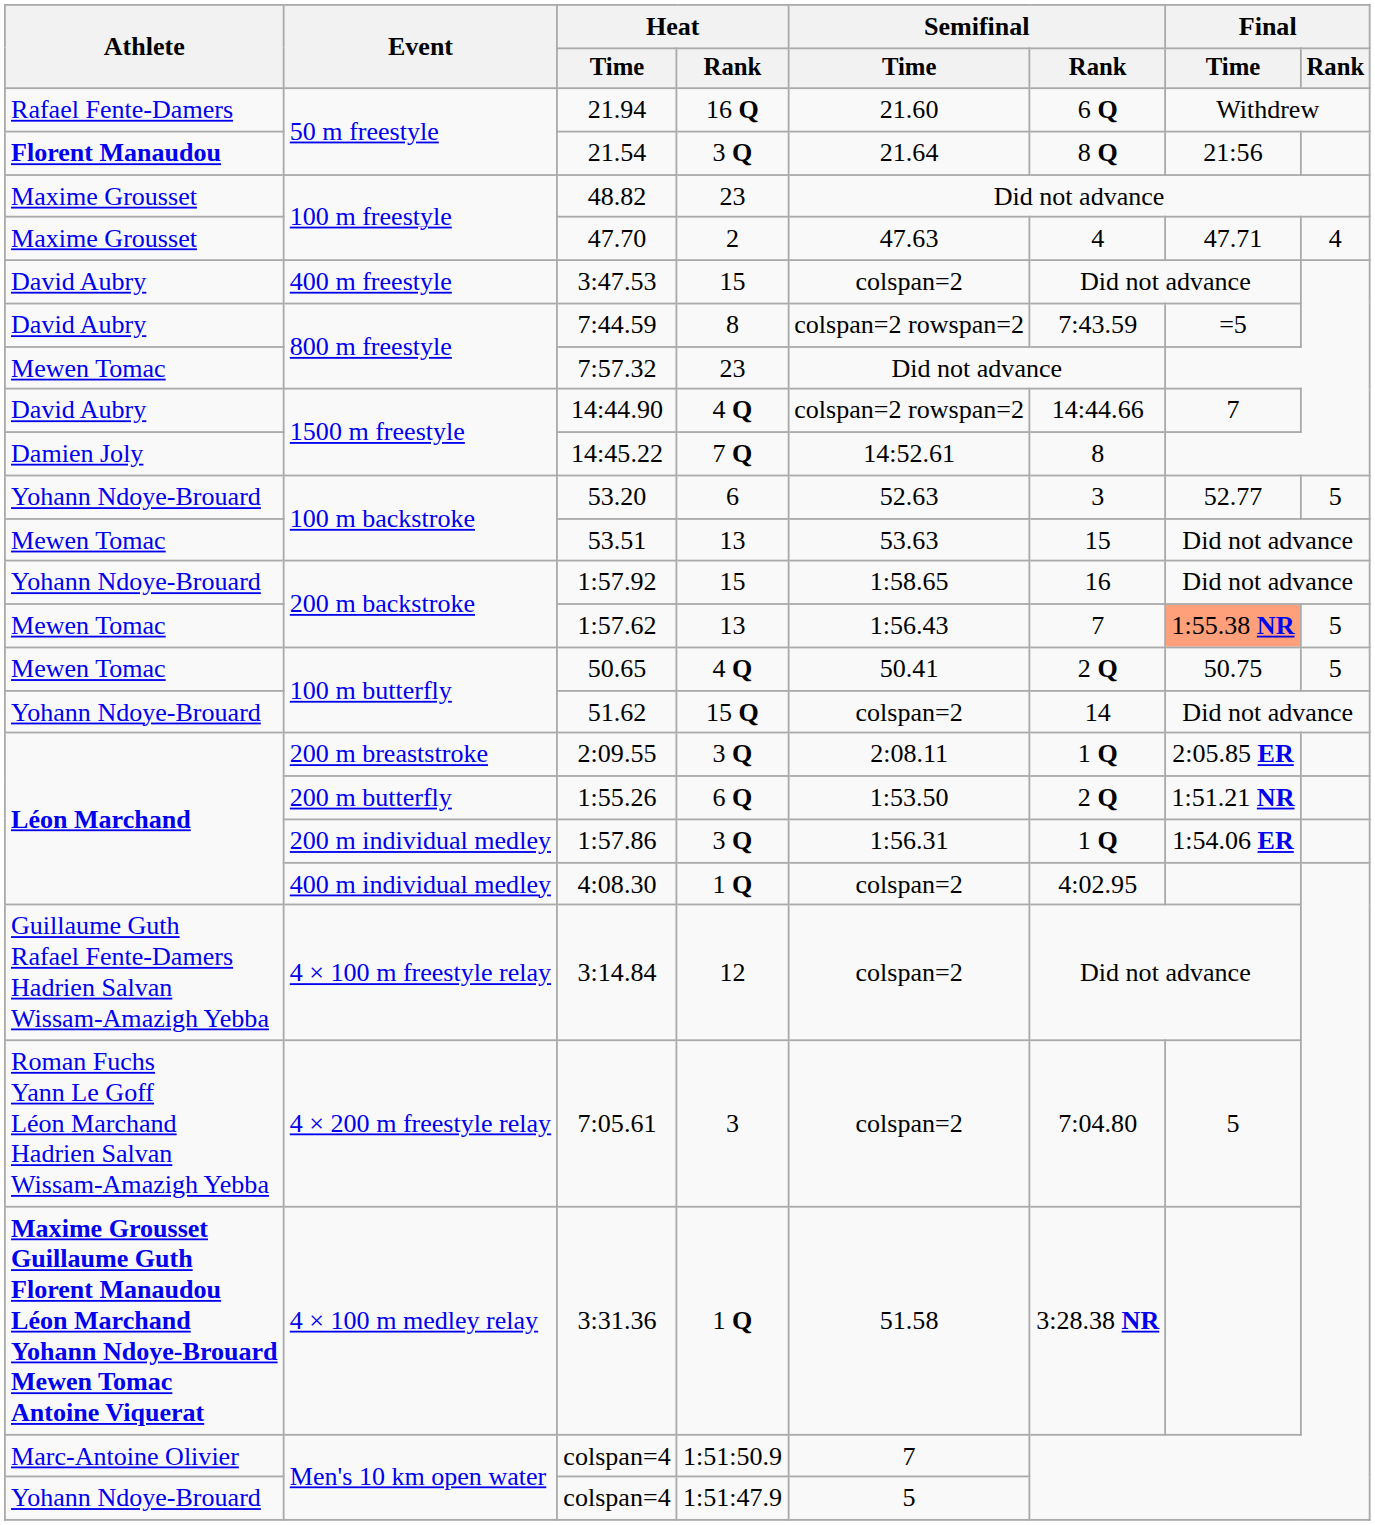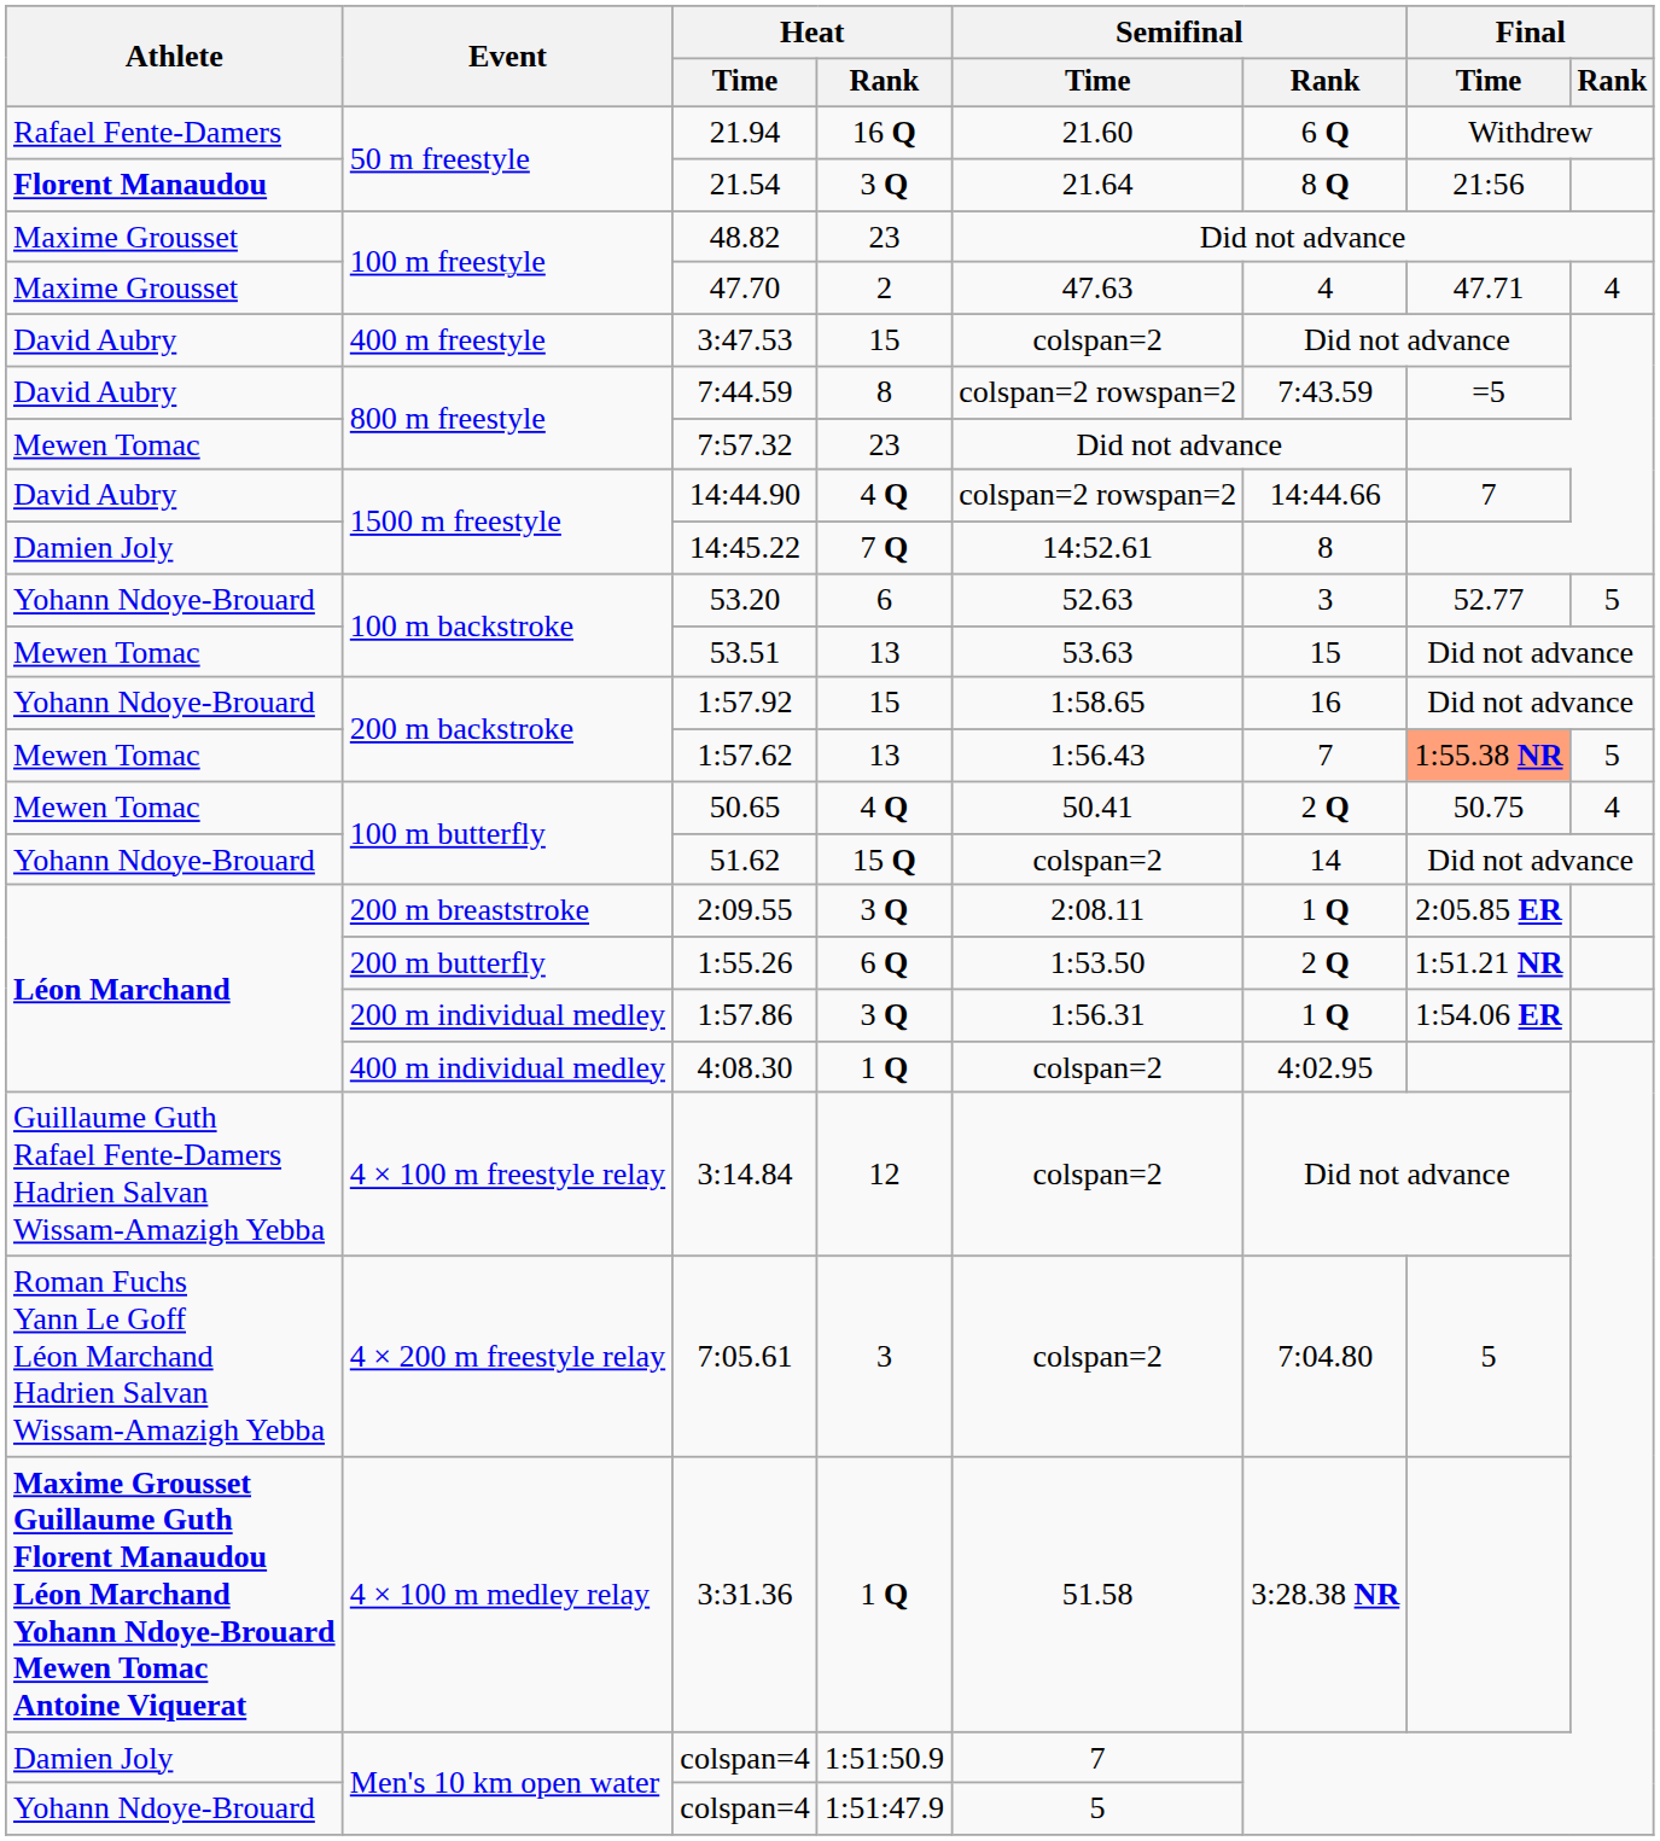 <table class=wikitable style="font-size:90%;">
 <tr>
 <th rowspan=2>Athlete</th>
 <th rowspan=2>Event</th>
 <th colspan=2>Heat</th>
 <th colspan=2>Semifinal</th>
 <th colspan=2>Final</th>
 </tr>
 <tr style="font-size:95%">
 <th>Time</th>
 <th>Rank</th>
 <th>Time</th>
 <th>Rank</th>
 <th>Time</th>
 <th>Rank</th>
 </tr>
 <tr align=center>
 <td align=left><a href='#'>Rafael Fente-Damers</a></td>
 <td align=left rowspan=2><a href='#'>50 m freestyle</a></td>
 <td>21.94</td>
 <td>16 <strong>Q</strong></td>
 <td>21.60</td>
 <td>6 <strong>Q</strong></td>
 <td colspan="2">Withdrew</td>
 </tr>
 <tr align=center>
 <td align=left><strong><a href='#'>Florent Manaudou</a></strong></td>
 <td>21.54</td>
 <td>3 <strong>Q</strong></td>
 <td>21.64</td>
 <td>8 <strong>Q</strong></td>
 <td>21:56</td>
 <td></td>
 </tr>
 <tr align=center>
 <td align=left><a href='#'>Maxime Grousset</a></td>
 <td align=left rowspan=2><a href='#'>100 m freestyle</a></td>
 <td>48.82</td>
 <td>23</td>
 <td colspan="4">Did not advance</td>
 </tr>
 <tr align=center>
 <td align=left><a href='#'>Maxime Grousset</a></td>
 <td>47.70</td>
 <td>2</td>
 <td>47.63</td>
 <td>4</td>
 <td>47.71</td>
 <td>4</td>
 </tr>
 <tr align=center>
 <td align=left><a href='#'>David Aubry</a></td>
 <td align=left><a href='#'>400 m freestyle</a></td>
 <td>3:47.53</td>
 <td>15</td>
 <td>colspan=2 </td>
 <td colspan=2>Did not advance</td>
 </tr>
 <tr align=center>
 <td align=left><a href='#'>David Aubry</a></td>
 <td align=left rowspan=2><a href='#'>800 m freestyle</a></td>
 <td>7:44.59</td>
 <td>8</td>
 <td>colspan=2 rowspan=2 </td>
 <td>7:43.59</td>
 <td>=5</td>
 </tr>
 <tr align=center>
 <td align=left><a href='#'>Mewen Tomac</a></td>
 <td>7:57.32</td>
 <td>23</td>
 <td colspan="2">Did not advance</td>
 </tr>
 <tr align=center>
 <td align=left><a href='#'>David Aubry</a></td>
 <td align=left rowspan=2><a href='#'>1500 m freestyle</a></td>
 <td>14:44.90</td>
 <td>4 <strong>Q</strong></td>
 <td>colspan=2 rowspan=2 </td>
 <td>14:44.66</td>
 <td>7</td>
 </tr>
 <tr align=center>
 <td align=left><a href='#'>Damien Joly</a></td>
 <td>14:45.22</td>
 <td>7 <strong>Q</strong></td>
 <td>14:52.61</td>
 <td>8</td>
 </tr>
 <tr align=center>
 <td align=left><a href='#'>Yohann Ndoye-Brouard</a></td>
 <td align=left rowspan=2><a href='#'>100 m backstroke</a></td>
 <td>53.20</td>
 <td>6</td>
 <td>52.63</td>
 <td>3</td>
 <td>52.77</td>
 <td>5</td>
 </tr>
 <tr align=center>
 <td align=left><a href='#'>Mewen Tomac</a></td>
 <td>53.51</td>
 <td>13</td>
 <td>53.63</td>
 <td>15</td>
 <td colspan="2">Did not advance</td>
 </tr>
 <tr align=center>
 <td align=left><a href='#'>Yohann Ndoye-Brouard</a></td>
 <td align=left rowspan=2><a href='#'>200 m backstroke</a></td>
 <td>1:57.92</td>
 <td>15</td>
 <td>1:58.65</td>
 <td>16</td>
 <td colspan="2">Did not advance</td>
 </tr>
 <tr align=center>
 <td align=left><a href='#'>Mewen Tomac</a></td>
 <td>1:57.62</td>
 <td>13</td>
 <td>1:56.43</td>
 <td>7</td>
 <td style="background: lightsalmon;">1:55.38 <strong><a href='#'>NR</a></strong></td>
 <td>5</td>
 </tr>
 <tr align=center>
 <td align=left><a href='#'>Mewen Tomac</a></td>
 <td align=left rowspan=2><a href='#'>100 m butterfly</a></td>
 <td>50.65</td>
 <td>4 <strong>Q</strong></td>
 <td>50.41</td>
 <td>2 <strong>Q</strong></td>
 <td>50.75</td>
-<td>5</td>
+<td>4</td>
 </tr>
 <tr align=center>
 <td align=left><a href='#'>Yohann Ndoye-Brouard</a></td>
 <td>51.62</td>
 <td>15 <strong>Q</strong></td>
 <td>colspan=2 </td>
 <td>14</td>
 <td colspan="2">Did not advance</td>
 </tr>
 <tr align=center>
 <td align=left rowspan=4><strong><a href='#'>Léon Marchand</a></strong></td>
 <td align=left><a href='#'>200 m breaststroke</a></td>
 <td>2:09.55</td>
 <td>3 <strong>Q</strong></td>
 <td>2:08.11</td>
 <td>1 <strong>Q</strong></td>
 <td>2:05.85  <strong><a href='#'>ER</a></strong></td>
 <td></td>
 </tr>
 <tr align=center>
 <td align=left><a href='#'>200 m butterfly</a></td>
 <td>1:55.26</td>
 <td>6 <strong>Q</strong></td>
 <td>1:53.50</td>
 <td>2 <strong>Q</strong></td>
 <td>1:51.21  <strong><a href='#'>NR</a></strong></td>
 <td></td>
 </tr>
 <tr align=center>
 <td align=left><a href='#'>200 m individual medley</a></td>
 <td>1:57.86</td>
 <td>3 <strong>Q</strong></td>
 <td>1:56.31</td>
 <td>1 <strong>Q</strong></td>
 <td>1:54.06  <strong><a href='#'>ER</a></strong></td>
 <td></td>
 </tr>
 <tr align=center>
 <td align=left><a href='#'>400 m individual medley</a></td>
 <td>4:08.30</td>
 <td>1 <strong>Q</strong></td>
 <td>colspan=2 </td>
 <td>4:02.95 </td>
 <td></td>
 </tr>
 <tr align=center>
 <td align=left><a href='#'>Guillaume Guth</a><br><a href='#'>Rafael Fente-Damers</a><br><a href='#'>Hadrien Salvan</a><br><a href='#'>Wissam-Amazigh Yebba</a></td>
 <td align=left><a href='#'>4 × 100 m freestyle relay</a></td>
 <td>3:14.84</td>
 <td>12</td>
 <td>colspan=2 </td>
 <td colspan=2>Did not advance</td>
 </tr>
 <tr align=center>
 <td align=left><a href='#'>Roman Fuchs</a><br><a href='#'>Yann Le Goff</a><br><a href='#'>Léon Marchand</a><br><a href='#'>Hadrien Salvan</a><br><a href='#'>Wissam-Amazigh Yebba</a></td>
 <td align=left><a href='#'>4 × 200 m freestyle relay</a></td>
 <td>7:05.61</td>
 <td>3</td>
 <td>colspan=2 </td>
 <td>7:04.80</td>
 <td>5</td>
 </tr>
 <tr align=center>
 <td align=left><strong><a href='#'>Maxime Grousset</a><br><a href='#'>Guillaume Guth</a><br><a href='#'>Florent Manaudou</a><br><a href='#'>Léon Marchand</a><br><a href='#'>Yohann Ndoye-Brouard</a><br><a href='#'>Mewen Tomac</a><br><a href='#'>Antoine Viquerat</a></strong></td>
 <td align=left><a href='#'>4 × 100 m medley relay</a></td>
 <td>3:31.36</td>
 <td>1 <strong>Q</strong></td>
 <td>51.58</td>
 <td>3:28.38 <strong><a href='#'>NR</a></strong></td>
 <td></td>
 </tr>
 <tr align=center>
-<td align=left><a href='#'>Marc-Antoine Olivier</a></td>
+<td align=left><a href='#'>Damien Joly</a></td>
 <td align=left rowspan=2><a href='#'>Men's 10 km open water</a></td>
 <td>colspan=4 </td>
 <td>1:51:50.9</td>
 <td>7</td>
 </tr>
 <tr align=center>
 <td align=left><a href='#'>Yohann Ndoye-Brouard</a></td>
 <td>colspan=4 </td>
 <td>1:51:47.9</td>
 <td>5</td>
 </tr>
 </table>
